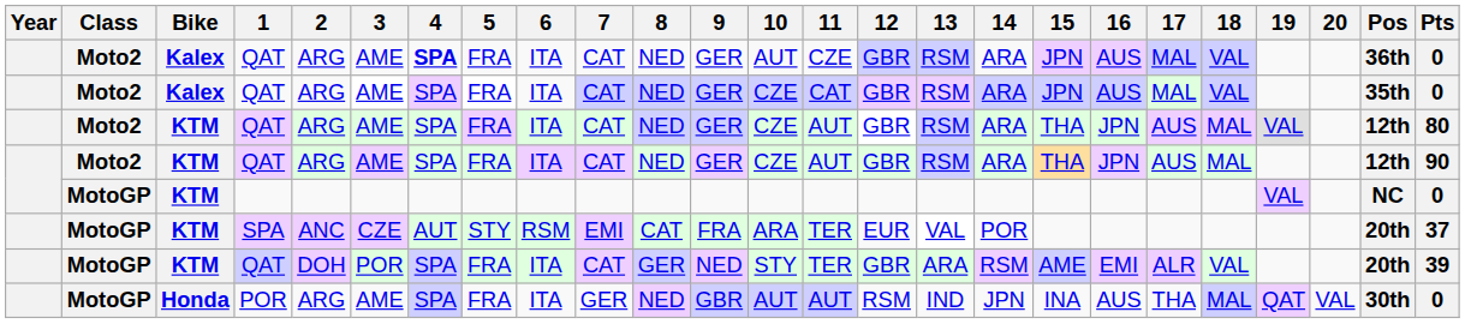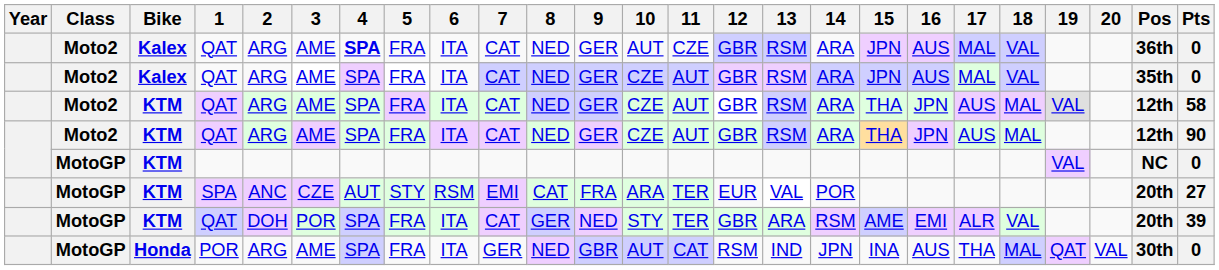 <table class="wikitable" style="text-align:center;">
 <tr>
 <th>Year</th>
 <th>Class</th>
 <th>Bike</th>
 <th>1</th>
 <th>2</th>
 <th>3</th>
 <th>4</th>
 <th>5</th>
 <th>6</th>
 <th>7</th>
 <th>8</th>
 <th>9</th>
 <th>10</th>
 <th>11</th>
 <th>12</th>
 <th>13</th>
 <th>14</th>
 <th>15</th>
 <th>16</th>
 <th>17</th>
 <th>18</th>
 <th>19</th>
 <th>20</th>
 <th>Pos</th>
 <th>Pts</th>
 </tr>
 <tr>
 <th></th>
 <th>Moto2</th>
 <th><a href='#'>Kalex</a></th>
 <td><a href='#'>QAT</a></td>
 <td><a href='#'>ARG</a></td>
 <td><a href='#'>AME</a></td>
 <td><strong><a href='#'>SPA</a></strong></td>
 <td><a href='#'>FRA</a></td>
 <td><a href='#'>ITA</a></td>
 <td><a href='#'>CAT</a></td>
 <td><a href='#'>NED</a></td>
 <td><a href='#'>GER</a></td>
 <td><a href='#'>AUT</a></td>
 <td><a href='#'>CZE</a></td>
 <td style="background:#CFCFFF;"><a href='#'>GBR</a><br></td>
 <td style="background:#CFCFFF;"><a href='#'>RSM</a><br></td>
 <td><a href='#'>ARA</a></td>
 <td style="background:#EFCFFF;"><a href='#'>JPN</a><br></td>
 <td style="background:#EFCFFF;"><a href='#'>AUS</a><br></td>
 <td style="background:#CFCFFF;"><a href='#'>MAL</a><br></td>
 <td style="background:#CFCFFF;"><a href='#'>VAL</a><br></td>
 <td></td>
 <td></td>
 <th>36th</th>
 <th>0</th>
 </tr>
 <tr>
 <th></th>
 <th>Moto2</th>
 <th><a href='#'>Kalex</a></th>
 <td><a href='#'>QAT</a></td>
 <td><a href='#'>ARG</a></td>
 <td style="background:#ffffff;"><a href='#'>AME</a><br></td>
 <td style="background:#efcfff;"><a href='#'>SPA</a><br></td>
 <td style="background:#ffffff;"><a href='#'>FRA</a><br></td>
 <td><a href='#'>ITA</a></td>
 <td style="background:#cfcfff;"><a href='#'>CAT</a><br></td>
 <td style="background:#cfcfff;"><a href='#'>NED</a><br></td>
 <td style="background:#cfcfff;"><a href='#'>GER</a><br></td>
 <td style="background:#cfcfff;"><a href='#'>CZE</a><br></td>
-<td style="background:#CFCFFF;"><a href='#'>CAT</a><br></td>
+<td style="background:#cfcfff;"><a href='#'>AUT</a><br></td>
 <td style="background:#efcfff;"><a href='#'>GBR</a><br></td>
 <td style="background:#efcfff;"><a href='#'>RSM</a><br></td>
 <td style="background:#cfcfff;"><a href='#'>ARA</a><br></td>
 <td style="background:#cfcfff;"><a href='#'>JPN</a><br></td>
 <td style="background:#cfcfff;"><a href='#'>AUS</a><br></td>
 <td style="background:#dfffdf;"><a href='#'>MAL</a><br></td>
 <td style="background:#cfcfff;"><a href='#'>VAL</a><br></td>
 <td></td>
 <td></td>
 <th>35th</th>
 <th>0</th>
 </tr>
 <tr>
 <th></th>
 <th>Moto2</th>
 <th><a href='#'>KTM</a></th>
 <td style="background:#efcfff;"><a href='#'>QAT</a><br></td>
 <td style="background:#dfffdf;"><a href='#'>ARG</a><br></td>
 <td style="background:#dfffdf;"><a href='#'>AME</a><br></td>
 <td style="background:#dfffdf;"><a href='#'>SPA</a><br></td>
 <td style="background:#efcfff;"><a href='#'>FRA</a><br></td>
 <td style="background:#dfffdf;"><a href='#'>ITA</a><br></td>
 <td style="background:#dfffdf;"><a href='#'>CAT</a><br></td>
 <td style="background:#cfcfff;"><a href='#'>NED</a><br></td>
 <td style="background:#cfcfff;"><a href='#'>GER</a><br></td>
 <td style="background:#dfffdf;"><a href='#'>CZE</a><br></td>
 <td style="background:#dfffdf;"><a href='#'>AUT</a><br></td>
 <td style="background:#ffffff;"><a href='#'>GBR</a><br></td>
 <td style="background:#cfcfff;"><a href='#'>RSM</a><br></td>
 <td style="background:#dfffdf;"><a href='#'>ARA</a><br></td>
 <td style="background:#dfffdf;"><a href='#'>THA</a><br></td>
 <td style="background:#dfffdf;"><a href='#'>JPN</a><br></td>
 <td style="background:#efcfff;"><a href='#'>AUS</a><br></td>
 <td style="background:#efcfff;"><a href='#'>MAL</a><br></td>
 <td style="background:#dfdfdf;"><a href='#'>VAL</a><br></td>
 <td></td>
 <th>12th</th>
-<th>80</th>
+<th>58</th>
 </tr>
 <tr>
 <th rowspan="2"></th>
 <th>Moto2</th>
 <th><a href='#'>KTM</a></th>
 <td style="background:#efcfff;"><a href='#'>QAT</a><br></td>
 <td style="background:#dfffdf;"><a href='#'>ARG</a><br></td>
 <td style="background:#efcfff;"><a href='#'>AME</a><br></td>
 <td style="background:#dfffdf;"><a href='#'>SPA</a><br></td>
 <td style="background:#dfffdf;"><a href='#'>FRA</a><br></td>
 <td style="background:#efcfff;"><a href='#'>ITA</a><br></td>
 <td style="background:#efcfff;"><a href='#'>CAT</a><br></td>
 <td style="background:#dfffdf;"><a href='#'>NED</a><br></td>
 <td style="background:#efcfff;"><a href='#'>GER</a><br></td>
 <td style="background:#dfffdf;"><a href='#'>CZE</a><br></td>
 <td style="background:#dfffdf;"><a href='#'>AUT</a><br></td>
 <td style="background:#dfffdf;"><a href='#'>GBR</a><br></td>
 <td style="background:#cfcfff;"><a href='#'>RSM</a><br></td>
 <td style="background:#dfffdf;"><a href='#'>ARA</a><br></td>
 <td style="background:#ffdf9f;"><a href='#'>THA</a><br></td>
 <td style="background:#efcfff;"><a href='#'>JPN</a><br></td>
 <td style="background:#dfffdf;"><a href='#'>AUS</a><br></td>
 <td style="background:#dfffdf;"><a href='#'>MAL</a><br></td>
 <td></td>
 <td></td>
 <th>12th</th>
 <th>90</th>
 </tr>
 <tr>
 <th>MotoGP</th>
 <th><a href='#'>KTM</a></th>
 <td></td>
 <td></td>
 <td></td>
 <td></td>
 <td></td>
 <td></td>
 <td></td>
 <td></td>
 <td></td>
 <td></td>
 <td></td>
 <td></td>
 <td></td>
 <td></td>
 <td></td>
 <td></td>
 <td></td>
 <td></td>
 <td style="background:#EFCFFF;"><a href='#'>VAL</a><br></td>
 <td></td>
 <th>NC</th>
 <th>0</th>
 </tr>
 <tr>
 <th></th>
 <th>MotoGP</th>
 <th><a href='#'>KTM</a></th>
 <td style="background:#EFCFFF;"><a href='#'>SPA</a><br></td>
 <td style="background:#EFCFFF;"><a href='#'>ANC</a><br></td>
 <td style="background:#EFCFFF;"><a href='#'>CZE</a><br></td>
 <td style="background:#DFFFDF;"><a href='#'>AUT</a><br></td>
 <td style="background:#DFFFDF;"><a href='#'>STY</a><br></td>
 <td style="background:#DFFFDF;"><a href='#'>RSM</a><br></td>
 <td style="background:#EFCFFF;"><a href='#'>EMI</a><br></td>
 <td style="background:#DFFFDF;"><a href='#'>CAT</a><br></td>
 <td style="background:#DFFFDF;"><a href='#'>FRA</a><br></td>
 <td style="background:#dfffdf;"><a href='#'>ARA</a><br></td>
 <td style="background:#dfffdf;"><a href='#'>TER</a><br></td>
 <td><a href='#'>EUR</a></td>
 <td style="background:#FFFFFF;"><a href='#'>VAL</a><br></td>
 <td><a href='#'>POR</a></td>
 <td></td>
 <td></td>
 <td></td>
 <td></td>
 <td></td>
 <td></td>
 <th>20th</th>
-<th>37</th>
+<th>27</th>
 </tr>
 <tr>
 <th></th>
 <th>MotoGP</th>
 <th><a href='#'>KTM</a></th>
 <td style="background:#cfcfff;"><a href='#'>QAT</a><br></td>
 <td style="background:#efcfff;"><a href='#'>DOH</a><br></td>
 <td style="background:#dfffdf;"><a href='#'>POR</a><br></td>
 <td style="background:#cfcfff;"><a href='#'>SPA</a><br></td>
 <td style="background:#dfffdf;"><a href='#'>FRA</a><br></td>
 <td style="background:#dfffdf;"><a href='#'>ITA</a><br></td>
 <td style="background:#efcfff;"><a href='#'>CAT</a><br></td>
 <td style="background:#cfcfff;"><a href='#'>GER</a><br></td>
 <td style="background:#efcfff;"><a href='#'>NED</a><br></td>
 <td style="background:#dfffdf;"><a href='#'>STY</a><br></td>
 <td style="background:#dfffdf;"><a href='#'>TER</a><br></td>
 <td style="background:#dfffdf;"><a href='#'>GBR</a><br></td>
 <td style="background:#dfffdf;"><a href='#'>ARA</a><br></td>
 <td style="background:#efcfff;"><a href='#'>RSM</a><br></td>
 <td style="background:#cfcfff;"><a href='#'>AME</a><br></td>
 <td style="background:#efcfff;"><a href='#'>EMI</a><br></td>
 <td style="background:#efcfff;"><a href='#'>ALR</a><br></td>
 <td style="background:#dfffdf;"><a href='#'>VAL</a><br></td>
 <td></td>
 <td></td>
 <th>20th</th>
 <th>39</th>
 </tr>
 <tr>
 <th></th>
 <th>MotoGP</th>
 <th><a href='#'>Honda</a></th>
 <td><a href='#'>POR</a></td>
 <td><a href='#'>ARG</a></td>
 <td><a href='#'>AME</a></td>
 <td style="background:#CFCFFF;"><a href='#'>SPA</a><br></td>
 <td><a href='#'>FRA</a></td>
 <td><a href='#'>ITA</a></td>
 <td><a href='#'>GER</a></td>
 <td style="background:#EFCFFF;"><a href='#'>NED</a><br></td>
 <td style="background:#CFCFFF;"><a href='#'>GBR</a><br></td>
 <td style="background:#CFCFFF;"><a href='#'>AUT</a><br></td>
-<td style="background:#cfcfff;"><a href='#'>AUT</a><br></td>
+<td style="background:#CFCFFF;"><a href='#'>CAT</a><br></td>
 <td><a href='#'>RSM</a></td>
 <td><a href='#'>IND</a></td>
 <td><a href='#'>JPN</a></td>
 <td><a href='#'>INA</a></td>
 <td><a href='#'>AUS</a></td>
 <td><a href='#'>THA</a></td>
 <td style="background:#CFCFFF;"><a href='#'>MAL</a><br></td>
 <td style="background:#EFCFFF;"><a href='#'>QAT</a><br></td>
 <td><a href='#'>VAL</a></td>
 <th>30th</th>
 <th>0</th>
 </tr>
 </table>
